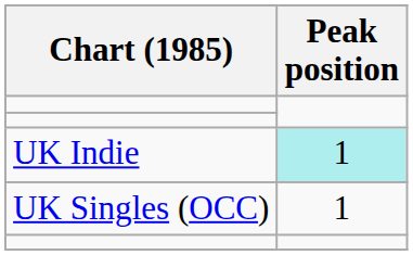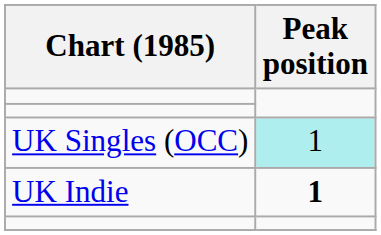 <table class="wikitable sortable">
 <tr>
 <th>Chart (1985)</th>
 <th>Peak<br>position</th>
 </tr>
 <tr>
 <td></td>
 </tr>
 <tr>
 <td></td>
 </tr>
 <tr>
-<td><a href='#'>UK Indie</a></td>
+<td><a href='#'>UK Singles</a> (<a href='#'>OCC</a>)</td>
 <td style="background: paleturquoise; text-align:center;">1</td>
 </tr>
 <tr>
-<td><a href='#'>UK Singles</a> (<a href='#'>OCC</a>)</td>
-<td align="center">1</td>
+<td><a href='#'>UK Indie</a></td>
+<td align="center"><strong>1</strong></td>
 </tr>
 <tr>
 <td></td>
 </tr>
 </table>
